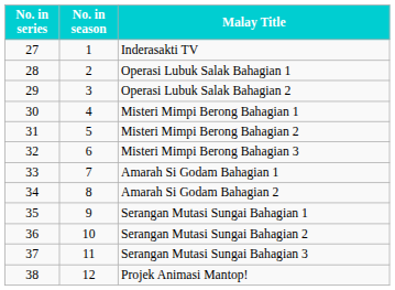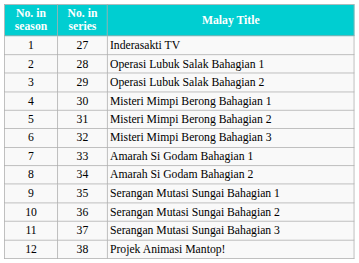 <table class="wikitable" style="width:38%; align:left;">
 <tr>
+<th style="background-color: #00CED1; color: #ffffff;">No. in<br>season</th>
 <th style="background-color: #00CED1; color: #ffffff;">No. in<br>series </th>
-<th style="background-color: #00CED1; color: #ffffff;">No. in<br>season</th>
 <th style="background-color: #00CED1; color: #ffffff;">Malay Title</th>
 </tr>
 <tr>
+<td style="text-align:center;">1</td>
 <td style="text-align:center;">27</td>
-<td style="text-align:center;">1</td>
 <td>Inderasakti TV</td>
 </tr>
 <tr>
+<td style="text-align:center;">2</td>
 <td style="text-align:center;">28</td>
-<td style="text-align:center;">2</td>
 <td>Operasi Lubuk Salak Bahagian 1</td>
 </tr>
 <tr>
+<td style="text-align:center;">3</td>
 <td style="text-align:center;">29</td>
-<td style="text-align:center;">3</td>
 <td>Operasi Lubuk Salak Bahagian 2</td>
 </tr>
 <tr>
+<td style="text-align:center;">4</td>
 <td style="text-align:center;">30</td>
-<td style="text-align:center;">4</td>
 <td>Misteri Mimpi Berong Bahagian 1</td>
 </tr>
 <tr>
+<td style="text-align:center;">5</td>
 <td style="text-align:center;">31</td>
-<td style="text-align:center;">5</td>
 <td>Misteri Mimpi Berong Bahagian 2</td>
 </tr>
 <tr>
+<td style="text-align:center;">6</td>
 <td style="text-align:center;">32</td>
-<td style="text-align:center;">6</td>
 <td>Misteri Mimpi Berong Bahagian 3</td>
 </tr>
 <tr>
+<td style="text-align:center;">7</td>
 <td style="text-align:center;">33</td>
-<td style="text-align:center;">7</td>
 <td>Amarah Si Godam Bahagian 1</td>
 </tr>
 <tr>
+<td style="text-align:center;">8</td>
 <td style="text-align:center;">34</td>
-<td style="text-align:center;">8</td>
 <td>Amarah Si Godam Bahagian 2</td>
 </tr>
 <tr>
+<td style="text-align:center;">9</td>
 <td style="text-align:center;">35</td>
-<td style="text-align:center;">9</td>
 <td>Serangan Mutasi Sungai Bahagian 1</td>
 </tr>
 <tr>
+<td style="text-align:center;">10</td>
 <td style="text-align:center;">36</td>
-<td style="text-align:center;">10</td>
 <td>Serangan Mutasi Sungai Bahagian 2</td>
 </tr>
 <tr>
+<td style="text-align:center;">11</td>
 <td style="text-align:center;">37</td>
-<td style="text-align:center;">11</td>
 <td>Serangan Mutasi Sungai Bahagian 3</td>
 </tr>
 <tr>
+<td style="text-align:center;">12</td>
 <td style="text-align:center;">38</td>
-<td style="text-align:center;">12</td>
 <td>Projek Animasi Mantop!</td>
 </tr>
 </table>
